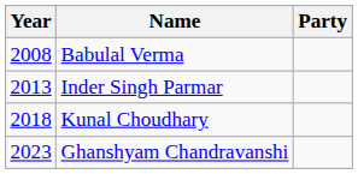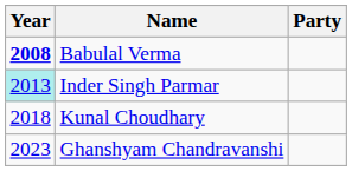 <table class ="wikitable sortable">
 <tr>
 <th>Year</th>
 <th>Name</th>
 <th colspan=2>Party</th>
 </tr>
 <tr>
-<td><a href='#'>2008</a></td>
+<td><strong><a href='#'>2008</a></strong></td>
 <td><a href='#'>Babulal Verma</a></td>
 <td></td>
 </tr>
 <tr>
-<td><a href='#'>2013</a></td>
+<td style="background: paleturquoise;"><a href='#'>2013</a></td>
 <td><a href='#'>Inder Singh Parmar</a></td>
 </tr>
 <tr>
 <td><a href='#'>2018</a></td>
 <td><a href='#'>Kunal Choudhary</a></td>
 <td></td>
 </tr>
 <tr>
 <td><a href='#'>2023</a></td>
 <td><a href='#'>Ghanshyam Chandravanshi</a></td>
 <td></td>
 </tr>
 </table>
